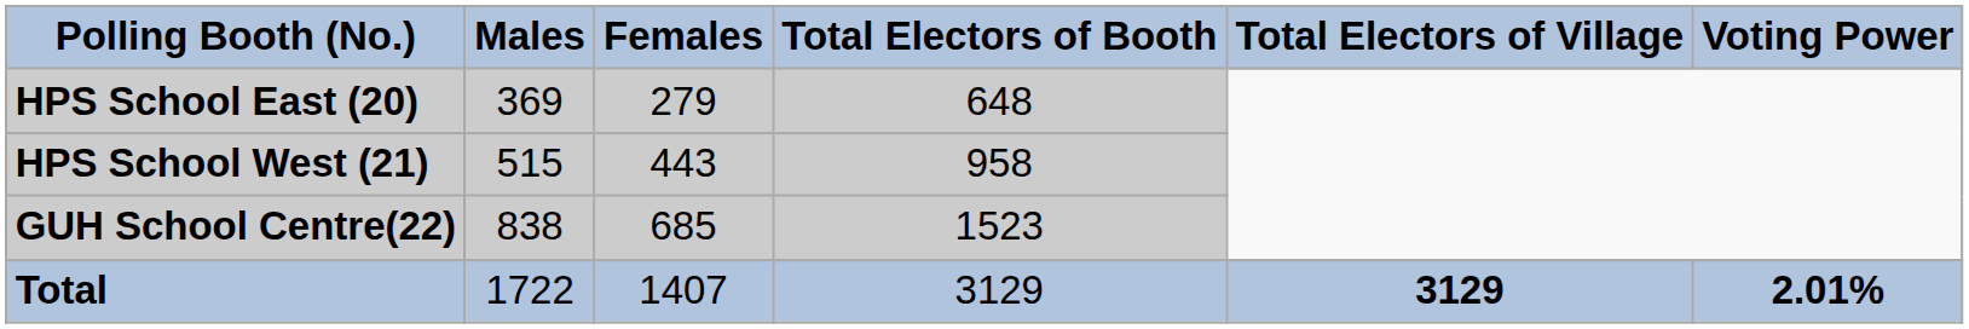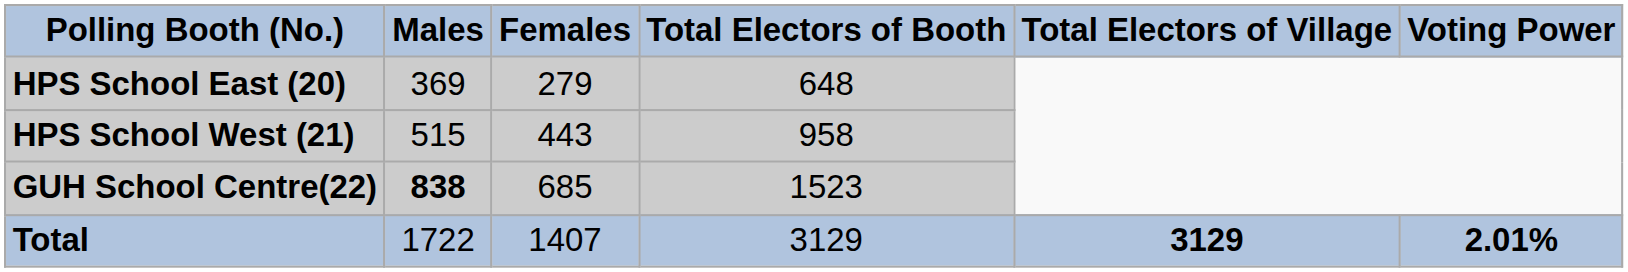 <table class="wikitable">
 <tr>
 <th align=left style="background:#B0C4DE">Polling Booth (No.)</th>
 <th style="background: #B0C4DE">Males</th>
 <th style="background: #B0C4DE">Females</th>
 <th style="background: #B0C4DE">Total Electors of Booth</th>
 <th style="background: #B0C4DE">Total Electors of Village</th>
 <th style="background: #B0C4DE">Voting Power</th>
 </tr>
 <tr bgcolor="#CCCCCC">
 <td><strong>HPS School East  (20)</strong></td>
 <td align=center>369</td>
 <td align=center>279</td>
 <td align=center>648</td>
 </tr>
 <tr bgcolor="#CCCCCC">
 <td><strong>HPS School West  (21)</strong></td>
 <td align=center>515</td>
 <td align=center>443</td>
 <td align=center>958</td>
 </tr>
 <tr bgcolor="#CCCCCC">
 <td><strong>GUH School Centre(22)</strong></td>
-<td align=center>838</td>
+<td align=center><strong>838</strong></td>
 <td align=center>685</td>
 <td align=center>1523</td>
 </tr>
 <tr bgcolor="#B0C4DE">
 <td><strong>Total</strong></td>
 <td align=center>1722</td>
 <td align=center>1407</td>
 <td align=center>3129</td>
 <td align=center><strong>3129</strong></td>
 <td align=center><strong>2.01%</strong></td>
 </tr>
 </table>
